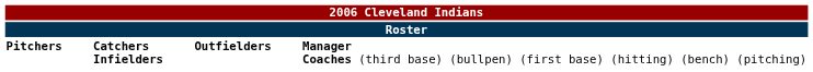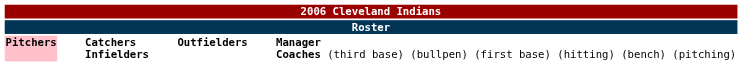 <table class="toccolours" style="font-size: 95%;">
 <tr>
 <th colspan="10" style="background-color: #990000; color: white; text-align: center;">2006 Cleveland Indians</th>
 </tr>
 <tr>
 <td colspan="10" style="background-color: #023456; color: #FFFFFF; text-align: center;"><strong>Roster</strong></td>
 </tr>
 <tr>
-<td valign="top"><strong>Pitchers</strong><br>                      </td>
+<td valign="top" style="background: pink;"><strong>Pitchers</strong><br>                      </td>
 <td width="25px"></td>
 <td valign="top"><strong>Catchers</strong><br>   <strong>Infielders</strong>             </td>
 <td width="25px"></td>
 <td valign="top"><strong>Outfielders</strong><br>     </td>
 <td width="25px"></td>
 <td valign="top"><strong>Manager</strong><br> <strong>Coaches</strong>  (third base)  (bullpen)  (first base)  (hitting)  (bench)  (pitching)</td>
 </tr>
 </table>
